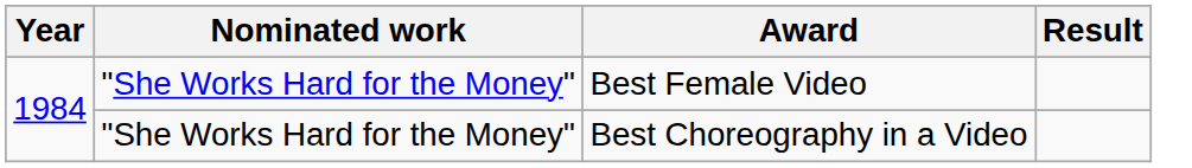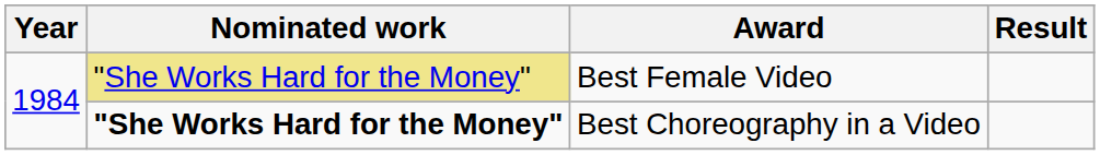 <table class="wikitable">
 <tr>
 <th>Year</th>
 <th>Nominated work</th>
 <th>Award</th>
 <th>Result</th>
 </tr>
 <tr>
 <td rowspan="2"><a href='#'>1984</a></td>
-<td>"<a href='#'>She Works Hard for the Money</a>"</td>
+<td style="background: khaki;">"<a href='#'>She Works Hard for the Money</a>"</td>
 <td>Best Female Video</td>
 <td></td>
 </tr>
 <tr>
-<td>"She Works Hard for the Money"</td>
+<td><strong>"She Works Hard for the Money"</strong></td>
 <td>Best Choreography in a Video</td>
 <td></td>
 </tr>
 </table>
